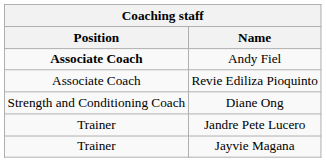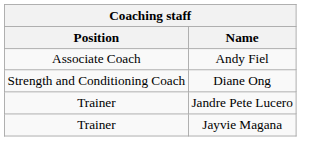 <table class="wikitable sortable" style="font-size:90%; text-align:center;">
 <tr>
 <th colspan="2">Coaching staff</th>
 </tr>
 <tr style"text-align:center">
 <th>Position</th>
 <th>Name</th>
 </tr>
 <tr>
-<td><strong>Associate Coach</strong></td>
+<td>Associate Coach</td>
 <td>Andy Fiel</td>
-</tr>
-<tr>
-<td>Associate Coach</td>
-<td>Revie Ediliza Pioquinto</td>
 </tr>
 <tr>
 <td>Strength and Conditioning Coach</td>
 <td>Diane Ong</td>
 </tr>
 <tr>
 <td>Trainer</td>
 <td>Jandre Pete Lucero</td>
 </tr>
 <tr>
 <td>Trainer</td>
 <td>Jayvie Magana</td>
 </tr>
 </table>
